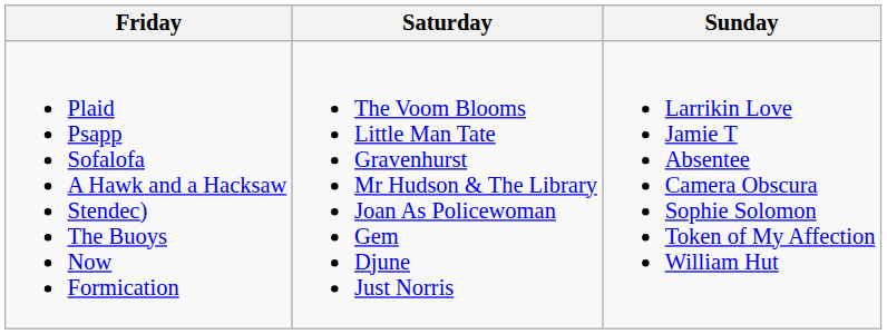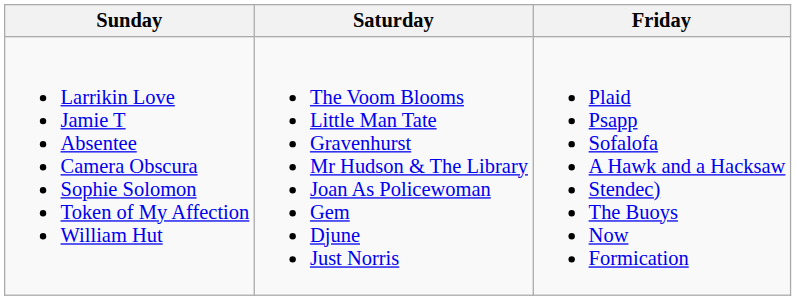 <table class="wikitable">
 <tr>
+<th>Sunday</th>
+<th>Saturday</th>
 <th>Friday</th>
-<th>Saturday</th>
-<th>Sunday</th>
 </tr>
 <tr>
+<td valign=top><br><ul><li><a href='#'>Larrikin Love</a></li><li><a href='#'>Jamie T</a></li><li><a href='#'>Absentee</a></li><li><a href='#'>Camera Obscura</a></li><li><a href='#'>Sophie Solomon</a></li><li><a href='#'>Token of My Affection</a></li><li><a href='#'>William Hut</a></li></ul></td>
+<td valign=top><br><ul><li><a href='#'>The Voom Blooms</a></li><li><a href='#'>Little Man Tate</a></li><li><a href='#'>Gravenhurst</a></li><li><a href='#'>Mr Hudson & The Library</a></li><li><a href='#'>Joan As Policewoman</a></li><li><a href='#'>Gem</a></li><li><a href='#'>Djune</a></li><li><a href='#'>Just Norris</a></li></ul></td>
 <td valign=top><br><ul><li><a href='#'>Plaid</a></li><li><a href='#'>Psapp</a></li><li><a href='#'>Sofalofa</a></li><li><a href='#'>A Hawk and a Hacksaw</a></li><li><a href='#'>Stendec)</a></li><li><a href='#'>The Buoys</a></li><li><a href='#'>Now</a></li><li><a href='#'>Formication</a></li></ul></td>
-<td valign=top><br><ul><li><a href='#'>The Voom Blooms</a></li><li><a href='#'>Little Man Tate</a></li><li><a href='#'>Gravenhurst</a></li><li><a href='#'>Mr Hudson & The Library</a></li><li><a href='#'>Joan As Policewoman</a></li><li><a href='#'>Gem</a></li><li><a href='#'>Djune</a></li><li><a href='#'>Just Norris</a></li></ul></td>
-<td valign=top><br><ul><li><a href='#'>Larrikin Love</a></li><li><a href='#'>Jamie T</a></li><li><a href='#'>Absentee</a></li><li><a href='#'>Camera Obscura</a></li><li><a href='#'>Sophie Solomon</a></li><li><a href='#'>Token of My Affection</a></li><li><a href='#'>William Hut</a></li></ul></td>
 </tr>
 </table>
